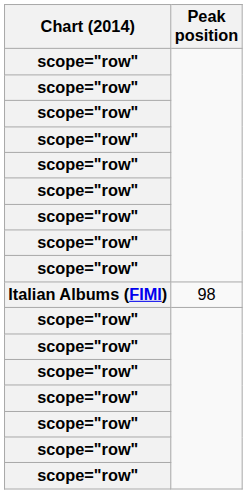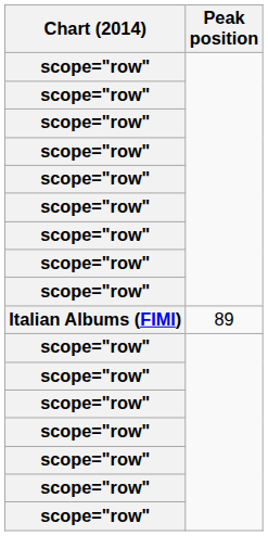 <table class="wikitable sortable plainrowheaders">
 <tr>
 <th>Chart (2014)</th>
 <th>Peak<br>position</th>
 </tr>
 <tr>
 <th>scope="row"</th>
 </tr>
 <tr>
 <th>scope="row"</th>
 </tr>
 <tr>
 <th>scope="row"</th>
 </tr>
 <tr>
 <th>scope="row"</th>
 </tr>
 <tr>
 <th>scope="row"</th>
 </tr>
 <tr>
 <th>scope="row"</th>
 </tr>
 <tr>
 <th>scope="row"</th>
 </tr>
 <tr>
 <th>scope="row"</th>
 </tr>
 <tr>
 <th>scope="row"</th>
 </tr>
 <tr>
 <th scope="row">Italian Albums (<a href='#'>FIMI</a>)</th>
-<td align="center">98</td>
+<td align="center">89</td>
 </tr>
 <tr>
 <th>scope="row"</th>
 </tr>
 <tr>
 <th>scope="row"</th>
 </tr>
 <tr>
 <th>scope="row"</th>
 </tr>
 <tr>
 <th>scope="row"</th>
 </tr>
 <tr>
 <th>scope="row"</th>
 </tr>
 <tr>
 <th>scope="row"</th>
 </tr>
 <tr>
 <th>scope="row"</th>
 </tr>
 </table>
